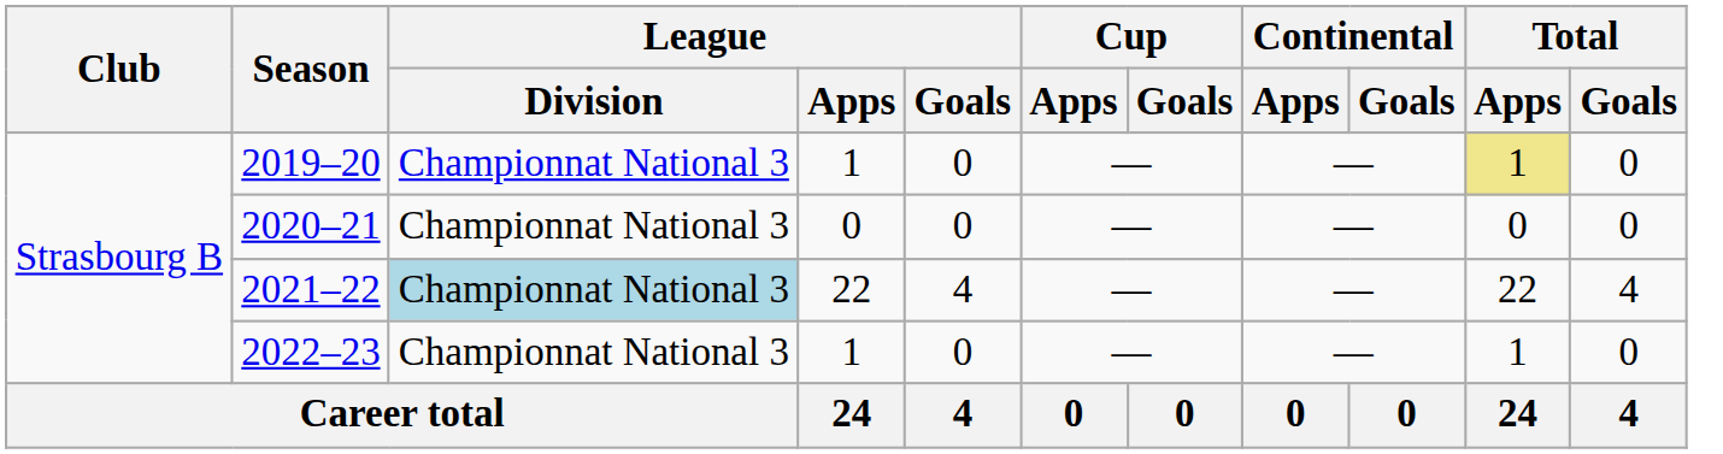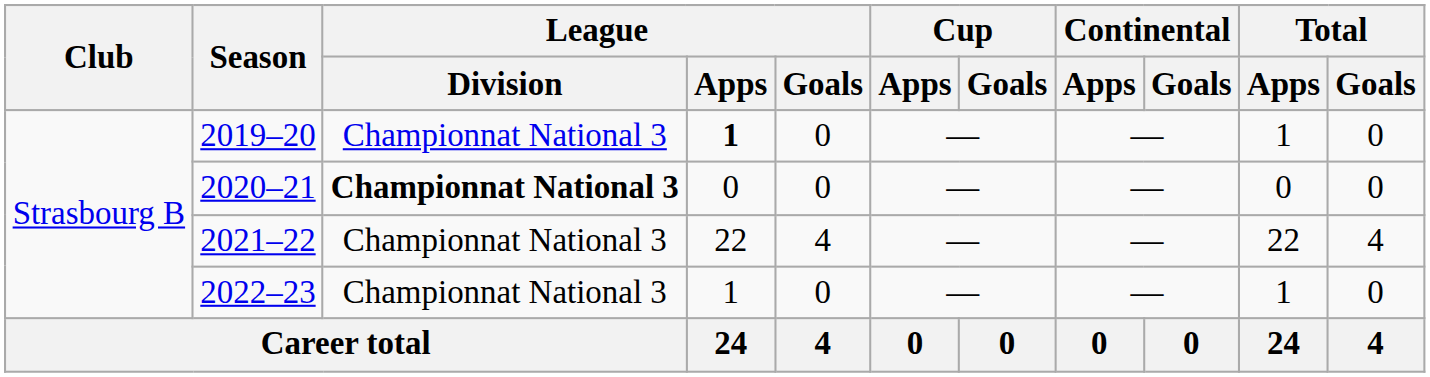 <table class="wikitable" Style="text-align: center">
 <tr>
 <th rowspan="2">Club</th>
 <th rowspan="2">Season</th>
 <th colspan="3">League</th>
 <th colspan="2">Cup</th>
 <th colspan="2">Continental</th>
 <th colspan="2">Total</th>
 </tr>
 <tr>
 <th>Division</th>
 <th>Apps</th>
 <th>Goals</th>
 <th>Apps</th>
 <th>Goals</th>
 <th>Apps</th>
 <th>Goals</th>
 <th>Apps</th>
 <th>Goals</th>
 </tr>
 <tr>
 <td rowspan="4"><a href='#'>Strasbourg B</a></td>
 <td><a href='#'>2019–20</a></td>
 <td><a href='#'>Championnat National 3</a></td>
-<td>1</td>
+<td><strong>1</strong></td>
 <td>0</td>
 <td colspan="2">—</td>
 <td colspan="2">—</td>
-<td style="background: khaki;">1</td>
+<td>1</td>
 <td>0</td>
 </tr>
 <tr>
 <td><a href='#'>2020–21</a></td>
-<td>Championnat National 3</td>
+<td><strong>Championnat National 3</strong></td>
 <td>0</td>
 <td>0</td>
 <td colspan="2">—</td>
 <td colspan="2">—</td>
 <td>0</td>
 <td>0</td>
 </tr>
 <tr>
 <td><a href='#'>2021–22</a></td>
-<td style="background: lightblue;">Championnat National 3</td>
+<td>Championnat National 3</td>
 <td>22</td>
 <td>4</td>
 <td colspan="2">—</td>
 <td colspan="2">—</td>
 <td>22</td>
 <td>4</td>
 </tr>
 <tr>
 <td><a href='#'>2022–23</a></td>
 <td>Championnat National 3</td>
 <td>1</td>
 <td>0</td>
 <td colspan="2">—</td>
 <td colspan="2">—</td>
 <td>1</td>
 <td>0</td>
 </tr>
 <tr>
 <th colspan="3">Career total</th>
 <th>24</th>
 <th>4</th>
 <th>0</th>
 <th>0</th>
 <th>0</th>
 <th>0</th>
 <th>24</th>
 <th>4</th>
 </tr>
 </table>
